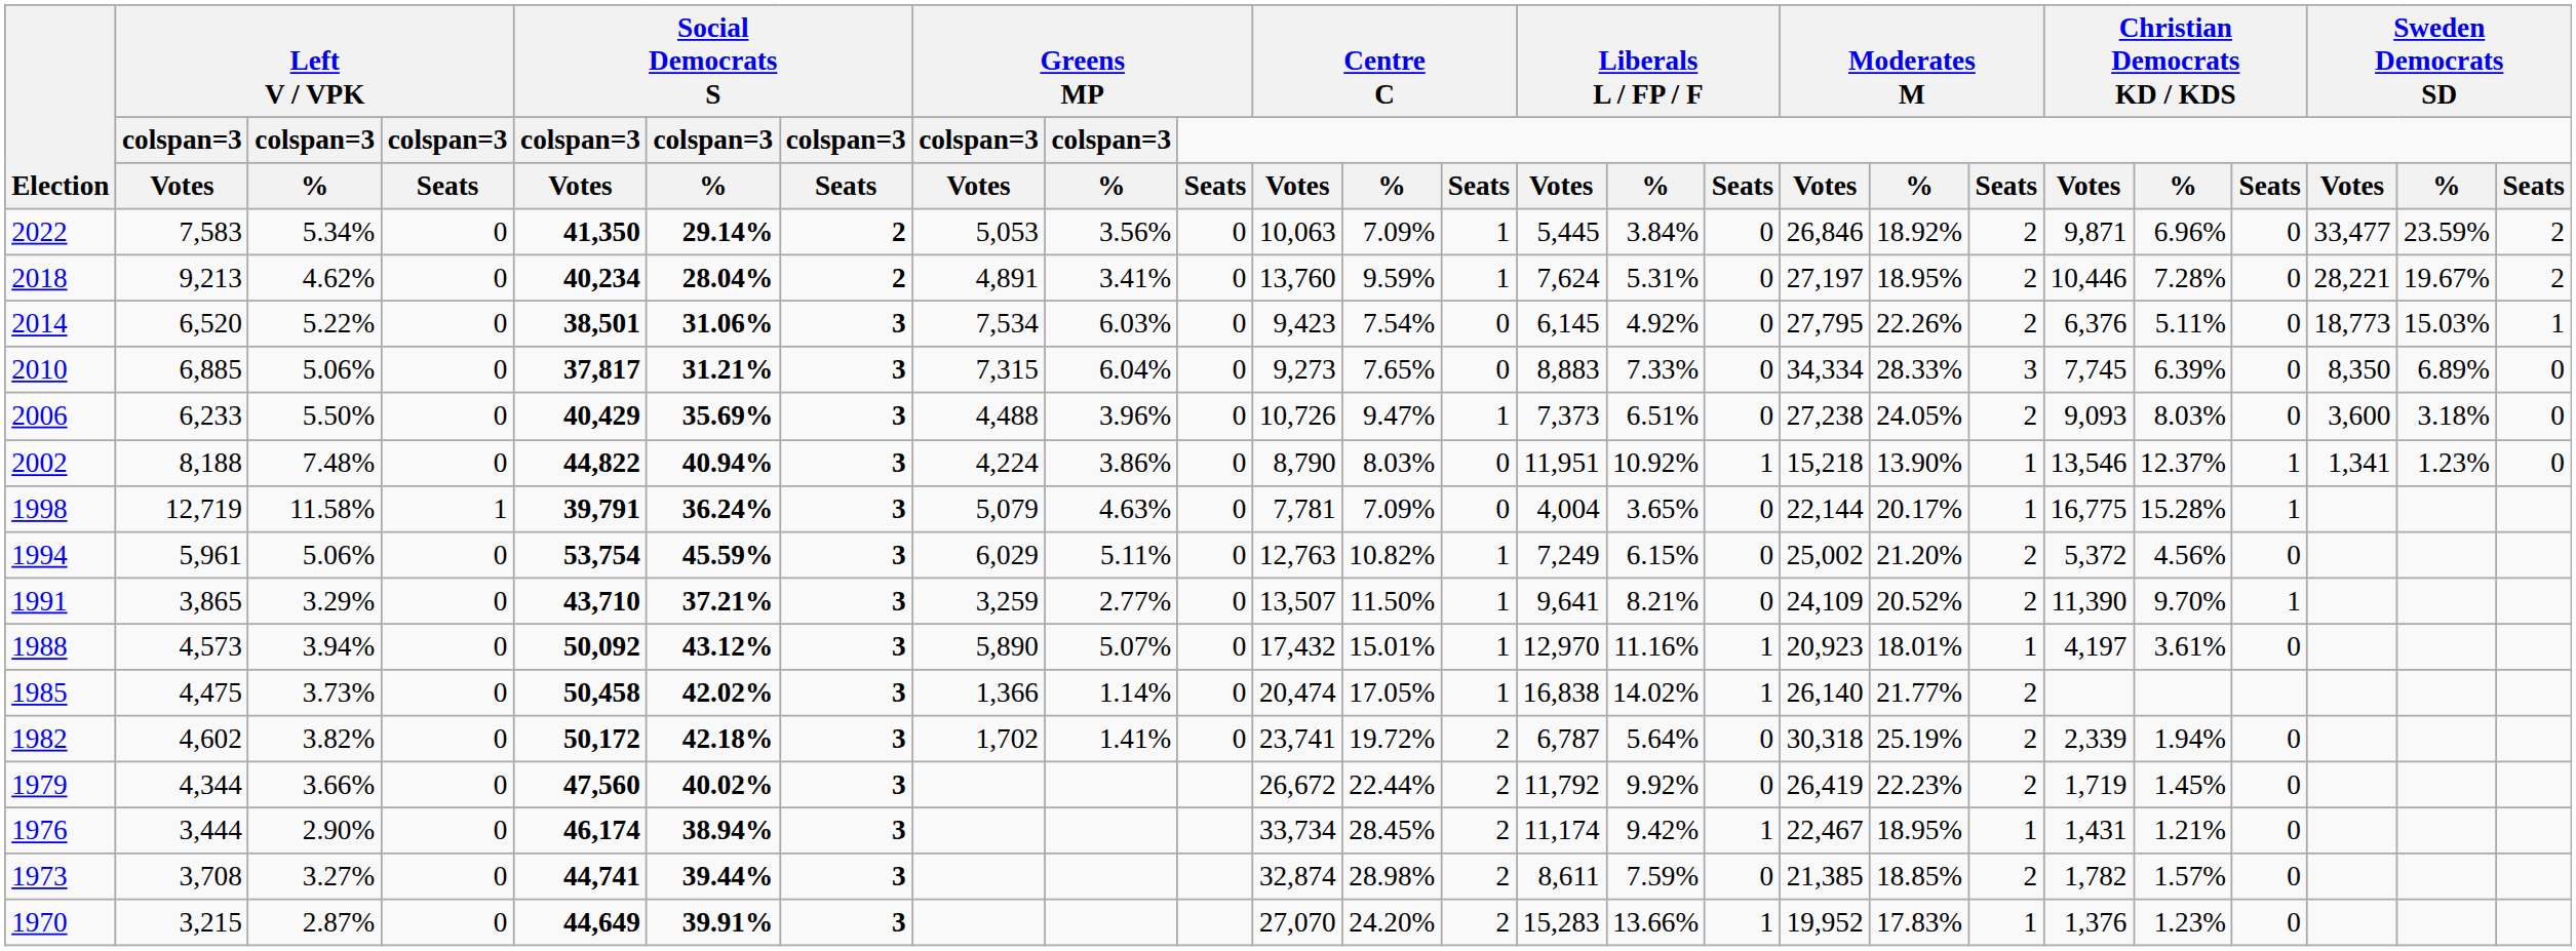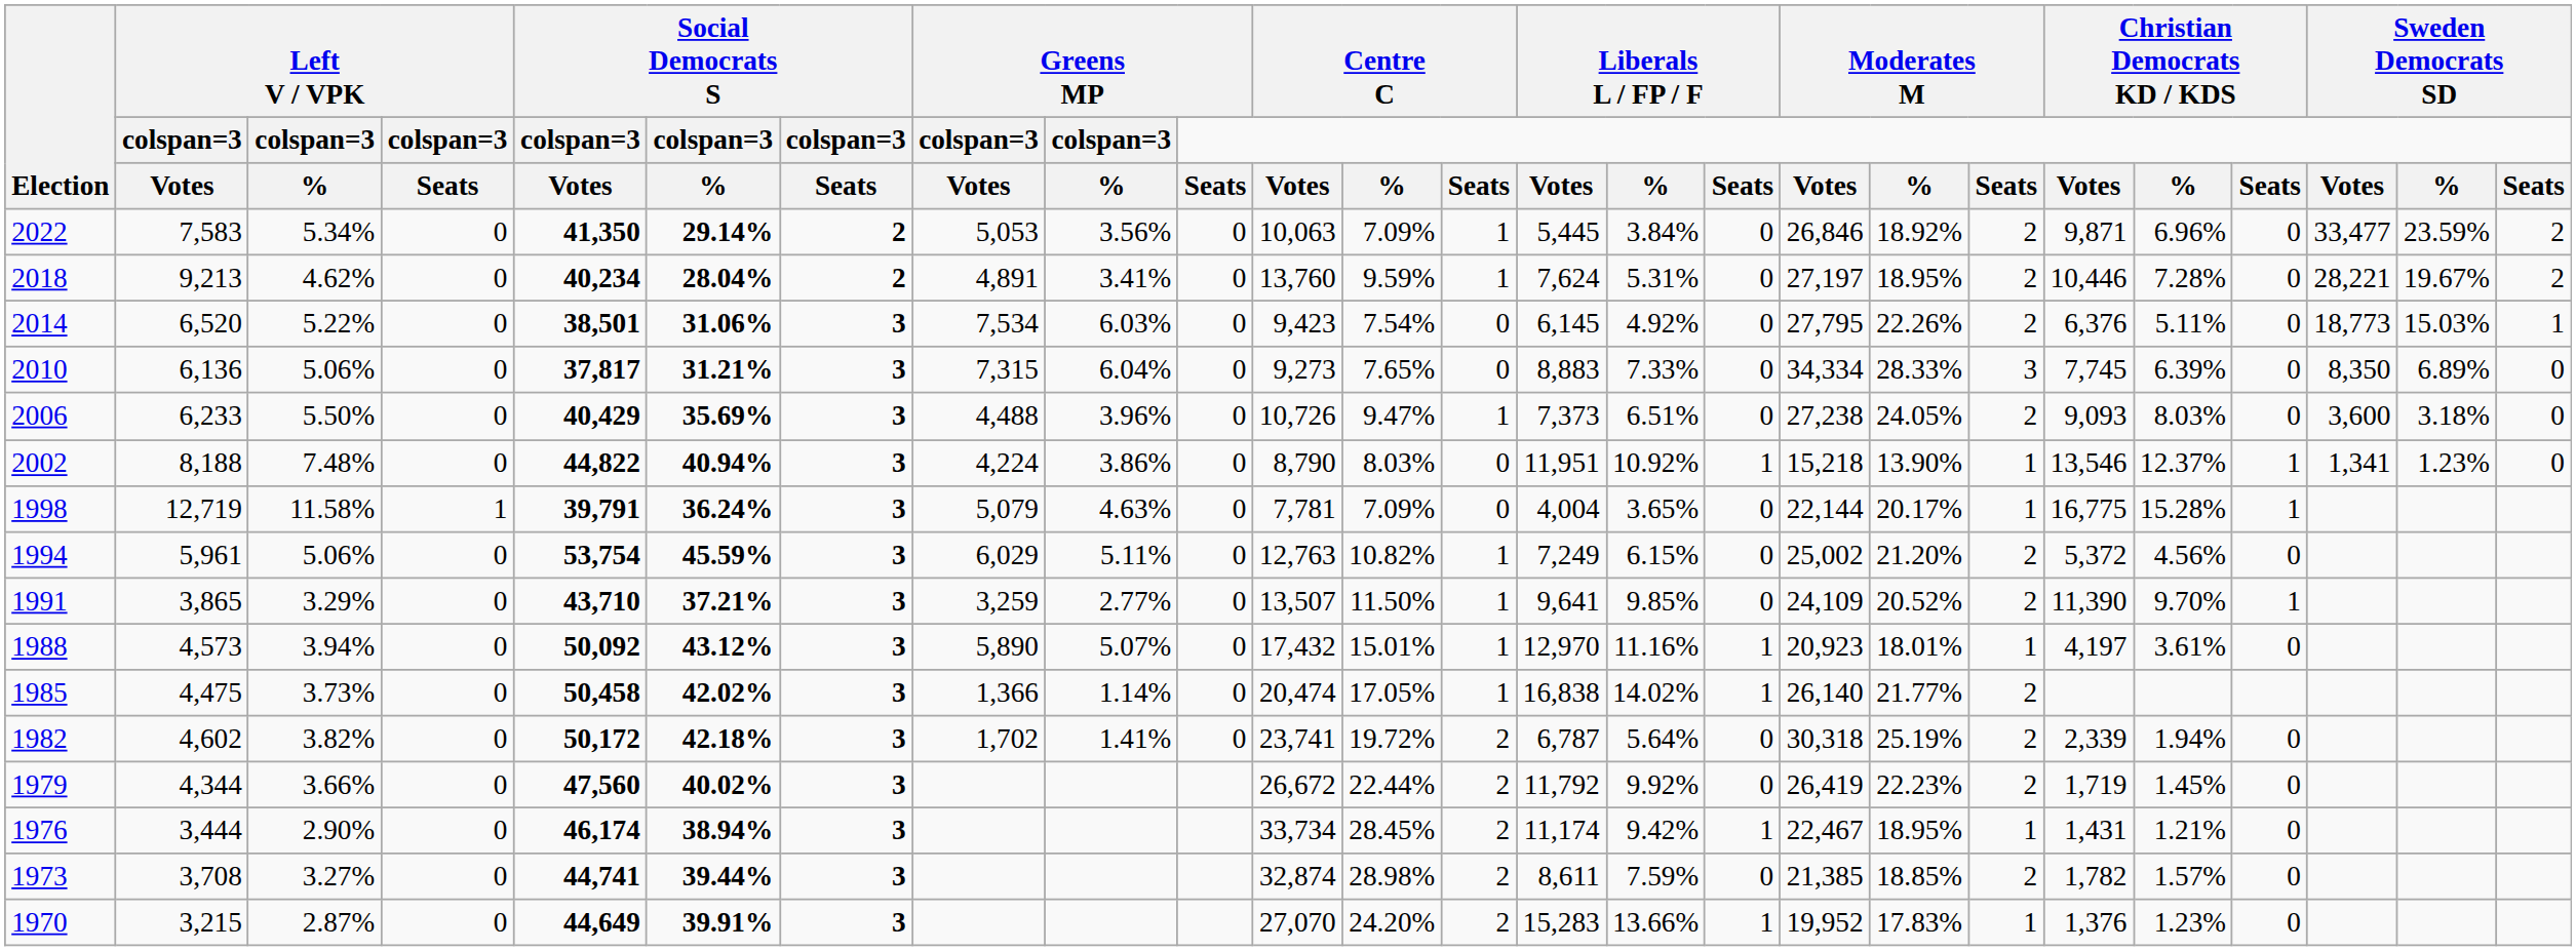 <table class="wikitable" border="1" style="font-size:95%; text-align:right;">
 <tr>
 <th style="text-align:left;" valign=bottom rowspan=3>Election</th>
 <th valign=bottom colspan=3><a href='#'>Left</a><br>V / VPK</th>
 <th valign=bottom colspan=3><a href='#'>Social<br>Democrats</a><br>S</th>
 <th valign=bottom colspan=3><a href='#'>Greens</a><br>MP</th>
 <th valign=bottom colspan=3><a href='#'>Centre</a><br>C</th>
 <th valign=bottom colspan=3><a href='#'>Liberals</a><br>L / FP / F</th>
 <th valign=bottom colspan=3><a href='#'>Moderates</a><br>M</th>
 <th valign=bottom colspan=3><a href='#'>Christian<br>Democrats</a><br>KD / KDS</th>
 <th valign=bottom colspan=3><a href='#'>Sweden<br>Democrats</a><br>SD</th>
 </tr>
 <tr>
 <th>colspan=3 </th>
 <th>colspan=3 </th>
 <th>colspan=3 </th>
 <th>colspan=3 </th>
 <th>colspan=3 </th>
 <th>colspan=3 </th>
 <th>colspan=3 </th>
 <th>colspan=3 </th>
 </tr>
 <tr>
 <th>Votes</th>
 <th>%</th>
 <th>Seats</th>
 <th>Votes</th>
 <th>%</th>
 <th>Seats</th>
 <th>Votes</th>
 <th>%</th>
 <th>Seats</th>
 <th>Votes</th>
 <th>%</th>
 <th>Seats</th>
 <th>Votes</th>
 <th>%</th>
 <th>Seats</th>
 <th>Votes</th>
 <th>%</th>
 <th>Seats</th>
 <th>Votes</th>
 <th>%</th>
 <th>Seats</th>
 <th>Votes</th>
 <th>%</th>
 <th>Seats</th>
 </tr>
 <tr>
 <td align=left><a href='#'>2022</a></td>
 <td>7,583</td>
 <td>5.34%</td>
 <td>0</td>
 <td><strong>41,350</strong></td>
 <td><strong>29.14%</strong></td>
 <td><strong>2</strong></td>
 <td>5,053</td>
 <td>3.56%</td>
 <td>0</td>
 <td>10,063</td>
 <td>7.09%</td>
 <td>1</td>
 <td>5,445</td>
 <td>3.84%</td>
 <td>0</td>
 <td>26,846</td>
 <td>18.92%</td>
 <td>2</td>
 <td>9,871</td>
 <td>6.96%</td>
 <td>0</td>
 <td>33,477</td>
 <td>23.59%</td>
 <td>2</td>
 </tr>
 <tr>
 <td align=left><a href='#'>2018</a></td>
 <td>9,213</td>
 <td>4.62%</td>
 <td>0</td>
 <td><strong>40,234</strong></td>
 <td><strong>28.04%</strong></td>
 <td><strong>2</strong></td>
 <td>4,891</td>
 <td>3.41%</td>
 <td>0</td>
 <td>13,760</td>
 <td>9.59%</td>
 <td>1</td>
 <td>7,624</td>
 <td>5.31%</td>
 <td>0</td>
 <td>27,197</td>
 <td>18.95%</td>
 <td>2</td>
 <td>10,446</td>
 <td>7.28%</td>
 <td>0</td>
 <td>28,221</td>
 <td>19.67%</td>
 <td>2</td>
 </tr>
 <tr>
 <td align=left><a href='#'>2014</a></td>
 <td>6,520</td>
 <td>5.22%</td>
 <td>0</td>
 <td><strong>38,501</strong></td>
 <td><strong>31.06%</strong></td>
 <td><strong>3</strong></td>
 <td>7,534</td>
 <td>6.03%</td>
 <td>0</td>
 <td>9,423</td>
 <td>7.54%</td>
 <td>0</td>
 <td>6,145</td>
 <td>4.92%</td>
 <td>0</td>
 <td>27,795</td>
 <td>22.26%</td>
 <td>2</td>
 <td>6,376</td>
 <td>5.11%</td>
 <td>0</td>
 <td>18,773</td>
 <td>15.03%</td>
 <td>1</td>
 </tr>
 <tr>
 <td align=left><a href='#'>2010</a></td>
-<td>6,885</td>
+<td>6,136</td>
 <td>5.06%</td>
 <td>0</td>
 <td><strong>37,817</strong></td>
 <td><strong>31.21%</strong></td>
 <td><strong>3</strong></td>
 <td>7,315</td>
 <td>6.04%</td>
 <td>0</td>
 <td>9,273</td>
 <td>7.65%</td>
 <td>0</td>
 <td>8,883</td>
 <td>7.33%</td>
 <td>0</td>
 <td>34,334</td>
 <td>28.33%</td>
 <td>3</td>
 <td>7,745</td>
 <td>6.39%</td>
 <td>0</td>
 <td>8,350</td>
 <td>6.89%</td>
 <td>0</td>
 </tr>
 <tr>
 <td align=left><a href='#'>2006</a></td>
 <td>6,233</td>
 <td>5.50%</td>
 <td>0</td>
 <td><strong>40,429</strong></td>
 <td><strong>35.69%</strong></td>
 <td><strong>3</strong></td>
 <td>4,488</td>
 <td>3.96%</td>
 <td>0</td>
 <td>10,726</td>
 <td>9.47%</td>
 <td>1</td>
 <td>7,373</td>
 <td>6.51%</td>
 <td>0</td>
 <td>27,238</td>
 <td>24.05%</td>
 <td>2</td>
 <td>9,093</td>
 <td>8.03%</td>
 <td>0</td>
 <td>3,600</td>
 <td>3.18%</td>
 <td>0</td>
 </tr>
 <tr>
 <td align=left><a href='#'>2002</a></td>
 <td>8,188</td>
 <td>7.48%</td>
 <td>0</td>
 <td><strong>44,822</strong></td>
 <td><strong>40.94%</strong></td>
 <td><strong>3</strong></td>
 <td>4,224</td>
 <td>3.86%</td>
 <td>0</td>
 <td>8,790</td>
 <td>8.03%</td>
 <td>0</td>
 <td>11,951</td>
 <td>10.92%</td>
 <td>1</td>
 <td>15,218</td>
 <td>13.90%</td>
 <td>1</td>
 <td>13,546</td>
 <td>12.37%</td>
 <td>1</td>
 <td>1,341</td>
 <td>1.23%</td>
 <td>0</td>
 </tr>
 <tr>
 <td align=left><a href='#'>1998</a></td>
 <td>12,719</td>
 <td>11.58%</td>
 <td>1</td>
 <td><strong>39,791</strong></td>
 <td><strong>36.24%</strong></td>
 <td><strong>3</strong></td>
 <td>5,079</td>
 <td>4.63%</td>
 <td>0</td>
 <td>7,781</td>
 <td>7.09%</td>
 <td>0</td>
 <td>4,004</td>
 <td>3.65%</td>
 <td>0</td>
 <td>22,144</td>
 <td>20.17%</td>
 <td>1</td>
 <td>16,775</td>
 <td>15.28%</td>
 <td>1</td>
 <td></td>
 <td></td>
 <td></td>
 </tr>
 <tr>
 <td align=left><a href='#'>1994</a></td>
 <td>5,961</td>
 <td>5.06%</td>
 <td>0</td>
 <td><strong>53,754</strong></td>
 <td><strong>45.59%</strong></td>
 <td><strong>3</strong></td>
 <td>6,029</td>
 <td>5.11%</td>
 <td>0</td>
 <td>12,763</td>
 <td>10.82%</td>
 <td>1</td>
 <td>7,249</td>
 <td>6.15%</td>
 <td>0</td>
 <td>25,002</td>
 <td>21.20%</td>
 <td>2</td>
 <td>5,372</td>
 <td>4.56%</td>
 <td>0</td>
 <td></td>
 <td></td>
 <td></td>
 </tr>
 <tr>
 <td align=left><a href='#'>1991</a></td>
 <td>3,865</td>
 <td>3.29%</td>
 <td>0</td>
 <td><strong>43,710</strong></td>
 <td><strong>37.21%</strong></td>
 <td><strong>3</strong></td>
 <td>3,259</td>
 <td>2.77%</td>
 <td>0</td>
 <td>13,507</td>
 <td>11.50%</td>
 <td>1</td>
 <td>9,641</td>
-<td>8.21%</td>
+<td>9.85%</td>
 <td>0</td>
 <td>24,109</td>
 <td>20.52%</td>
 <td>2</td>
 <td>11,390</td>
 <td>9.70%</td>
 <td>1</td>
 <td></td>
 <td></td>
 <td></td>
 </tr>
 <tr>
 <td align=left><a href='#'>1988</a></td>
 <td>4,573</td>
 <td>3.94%</td>
 <td>0</td>
 <td><strong>50,092</strong></td>
 <td><strong>43.12%</strong></td>
 <td><strong>3</strong></td>
 <td>5,890</td>
 <td>5.07%</td>
 <td>0</td>
 <td>17,432</td>
 <td>15.01%</td>
 <td>1</td>
 <td>12,970</td>
 <td>11.16%</td>
 <td>1</td>
 <td>20,923</td>
 <td>18.01%</td>
 <td>1</td>
 <td>4,197</td>
 <td>3.61%</td>
 <td>0</td>
 <td></td>
 <td></td>
 <td></td>
 </tr>
 <tr>
 <td align=left><a href='#'>1985</a></td>
 <td>4,475</td>
 <td>3.73%</td>
 <td>0</td>
 <td><strong>50,458</strong></td>
 <td><strong>42.02%</strong></td>
 <td><strong>3</strong></td>
 <td>1,366</td>
 <td>1.14%</td>
 <td>0</td>
 <td>20,474</td>
 <td>17.05%</td>
 <td>1</td>
 <td>16,838</td>
 <td>14.02%</td>
 <td>1</td>
 <td>26,140</td>
 <td>21.77%</td>
 <td>2</td>
 <td></td>
 <td></td>
 <td></td>
 <td></td>
 <td></td>
 <td></td>
 </tr>
 <tr>
 <td align=left><a href='#'>1982</a></td>
 <td>4,602</td>
 <td>3.82%</td>
 <td>0</td>
 <td><strong>50,172</strong></td>
 <td><strong>42.18%</strong></td>
 <td><strong>3</strong></td>
 <td>1,702</td>
 <td>1.41%</td>
 <td>0</td>
 <td>23,741</td>
 <td>19.72%</td>
 <td>2</td>
 <td>6,787</td>
 <td>5.64%</td>
 <td>0</td>
 <td>30,318</td>
 <td>25.19%</td>
 <td>2</td>
 <td>2,339</td>
 <td>1.94%</td>
 <td>0</td>
 <td></td>
 <td></td>
 <td></td>
 </tr>
 <tr>
 <td align=left><a href='#'>1979</a></td>
 <td>4,344</td>
 <td>3.66%</td>
 <td>0</td>
 <td><strong>47,560</strong></td>
 <td><strong>40.02%</strong></td>
 <td><strong>3</strong></td>
 <td></td>
 <td></td>
 <td></td>
 <td>26,672</td>
 <td>22.44%</td>
 <td>2</td>
 <td>11,792</td>
 <td>9.92%</td>
 <td>0</td>
 <td>26,419</td>
 <td>22.23%</td>
 <td>2</td>
 <td>1,719</td>
 <td>1.45%</td>
 <td>0</td>
 <td></td>
 <td></td>
 <td></td>
 </tr>
 <tr>
 <td align=left><a href='#'>1976</a></td>
 <td>3,444</td>
 <td>2.90%</td>
 <td>0</td>
 <td><strong>46,174</strong></td>
 <td><strong>38.94%</strong></td>
 <td><strong>3</strong></td>
 <td></td>
 <td></td>
 <td></td>
 <td>33,734</td>
 <td>28.45%</td>
 <td>2</td>
 <td>11,174</td>
 <td>9.42%</td>
 <td>1</td>
 <td>22,467</td>
 <td>18.95%</td>
 <td>1</td>
 <td>1,431</td>
 <td>1.21%</td>
 <td>0</td>
 <td></td>
 <td></td>
 <td></td>
 </tr>
 <tr>
 <td align=left><a href='#'>1973</a></td>
 <td>3,708</td>
 <td>3.27%</td>
 <td>0</td>
 <td><strong>44,741</strong></td>
 <td><strong>39.44%</strong></td>
 <td><strong>3</strong></td>
 <td></td>
 <td></td>
 <td></td>
 <td>32,874</td>
 <td>28.98%</td>
 <td>2</td>
 <td>8,611</td>
 <td>7.59%</td>
 <td>0</td>
 <td>21,385</td>
 <td>18.85%</td>
 <td>2</td>
 <td>1,782</td>
 <td>1.57%</td>
 <td>0</td>
 <td></td>
 <td></td>
 <td></td>
 </tr>
 <tr>
 <td align=left><a href='#'>1970</a></td>
 <td>3,215</td>
 <td>2.87%</td>
 <td>0</td>
 <td><strong>44,649</strong></td>
 <td><strong>39.91%</strong></td>
 <td><strong>3</strong></td>
 <td></td>
 <td></td>
 <td></td>
 <td>27,070</td>
 <td>24.20%</td>
 <td>2</td>
 <td>15,283</td>
 <td>13.66%</td>
 <td>1</td>
 <td>19,952</td>
 <td>17.83%</td>
 <td>1</td>
 <td>1,376</td>
 <td>1.23%</td>
 <td>0</td>
 <td></td>
 <td></td>
 <td></td>
 </tr>
 </table>
